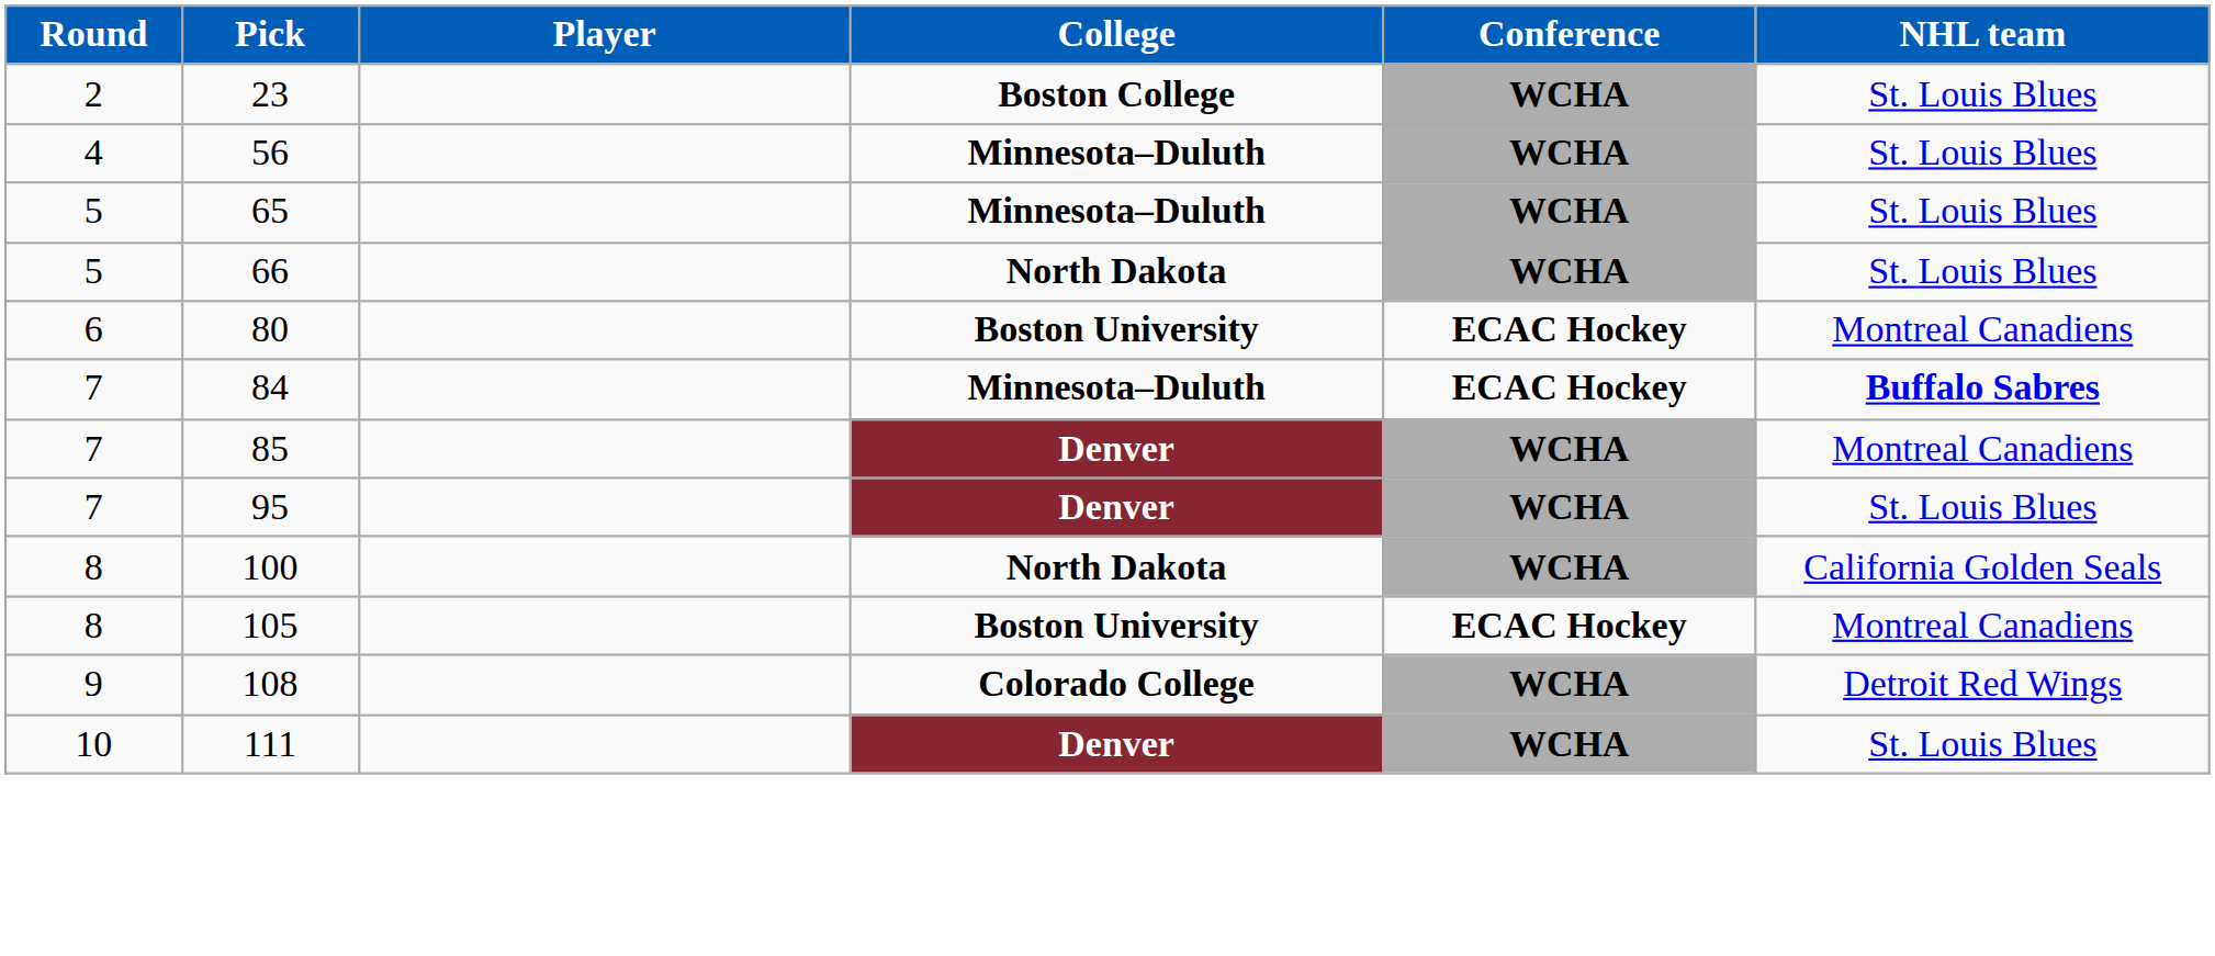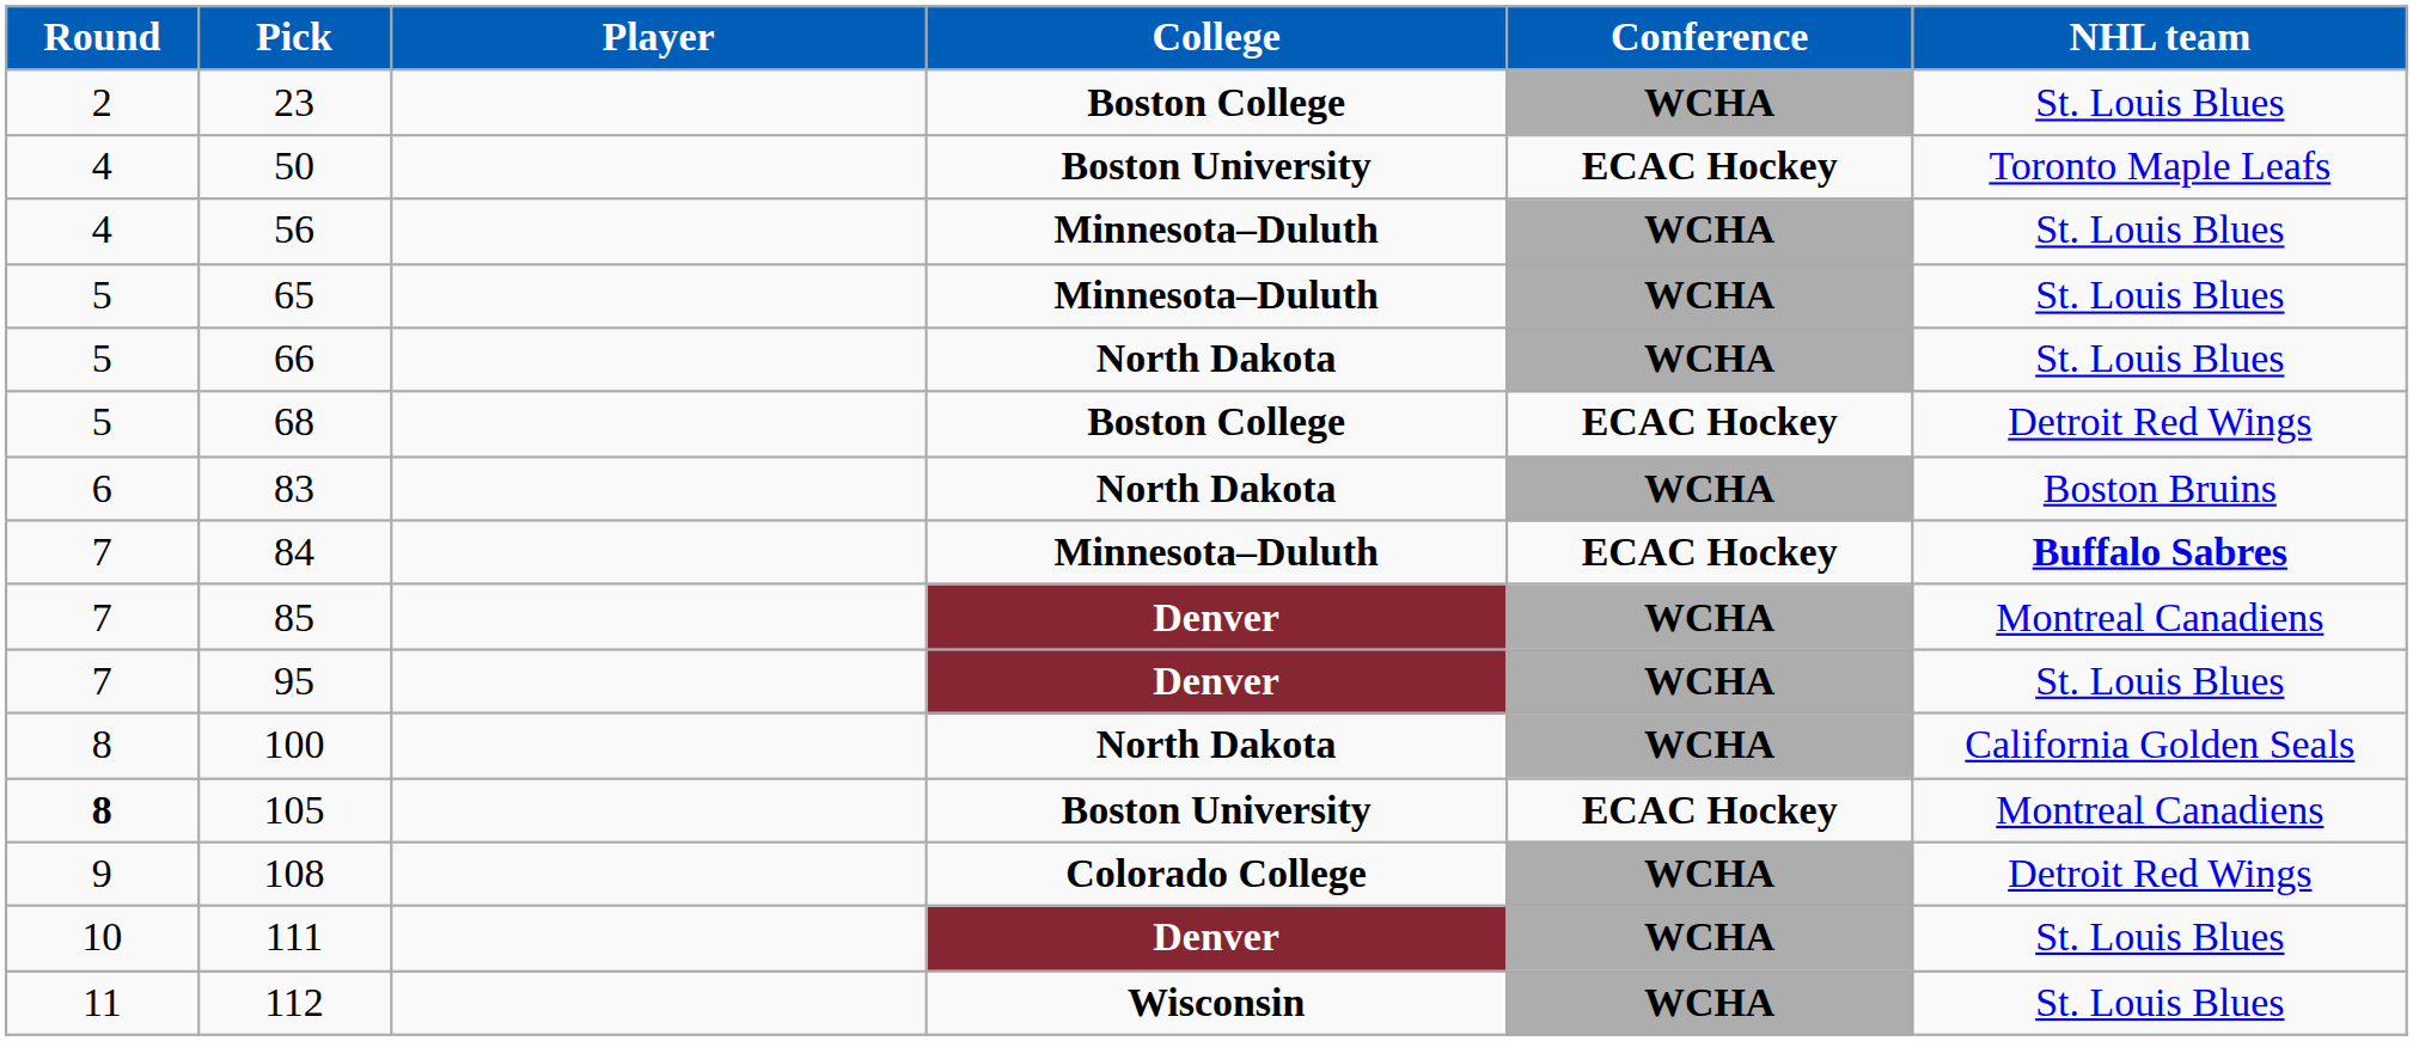 <table class="wikitable sortable" width="75%">
 <tr>
 <th style="color:white; background-color:#005EB8; width: 4em;">Round</th>
 <th style="color:white; background-color:#005EB8; width: 4em;">Pick</th>
 <th style="color:white; background-color:#005EB8; width: 12em;">Player</th>
 <th style="color:white; background-color:#005EB8; width: 13em;">College</th>
 <th style="color:white; background-color:#005EB8; width: 9em;">Conference</th>
 <th style="color:white; background-color:#005EB8; width: 11em;">NHL team</th>
 </tr>
 <tr align="center" bgcolor="">
 <td>2</td>
 <td>23</td>
 <td></td>
 <td><strong>Boston College</strong></td>
 <td style="color:black; background:#ADADAD; "><strong>WCHA</strong></td>
 <td><a href='#'>St. Louis Blues</a></td>
+</tr>
+<tr align="center" bgcolor="">
+<td>4</td>
+<td>50</td>
+<td></td>
+<td><strong>Boston University</strong></td>
+<td><strong>ECAC Hockey</strong></td>
+<td><a href='#'>Toronto Maple Leafs</a></td>
 </tr>
 <tr align="center" bgcolor="">
 <td>4</td>
 <td>56</td>
 <td></td>
 <td><strong>Minnesota–Duluth</strong></td>
 <td style="color:black; background:#ADADAD; "><strong>WCHA</strong></td>
 <td><a href='#'>St. Louis Blues</a></td>
 </tr>
 <tr align="center" bgcolor="">
 <td>5</td>
 <td>65</td>
 <td></td>
 <td><strong>Minnesota–Duluth</strong></td>
 <td style="color:black; background:#ADADAD; "><strong>WCHA</strong></td>
 <td><a href='#'>St. Louis Blues</a></td>
 </tr>
 <tr align="center" bgcolor="">
 <td>5</td>
 <td>66</td>
 <td></td>
 <td><strong>North Dakota</strong></td>
 <td style="color:black; background:#ADADAD; "><strong>WCHA</strong></td>
 <td><a href='#'>St. Louis Blues</a></td>
 </tr>
 <tr align="center" bgcolor="">
+<td>5</td>
+<td>68</td>
+<td></td>
+<td><strong>Boston College</strong></td>
+<td><strong>ECAC Hockey</strong></td>
+<td><a href='#'>Detroit Red Wings</a></td>
+</tr>
+<tr align="center" bgcolor="">
 <td>6</td>
-<td>80</td>
+<td>83</td>
 <td></td>
-<td><strong>Boston University</strong></td>
-<td><strong>ECAC Hockey</strong></td>
-<td><a href='#'>Montreal Canadiens</a></td>
+<td><strong>North Dakota</strong></td>
+<td style="color:black; background:#ADADAD; "><strong>WCHA</strong></td>
+<td><a href='#'>Boston Bruins</a></td>
 </tr>
 <tr align="center" bgcolor="">
 <td>7</td>
 <td>84</td>
 <td></td>
 <td><strong>Minnesota–Duluth</strong></td>
 <td><strong>ECAC Hockey</strong></td>
 <td><strong><a href='#'>Buffalo Sabres</a></strong></td>
 </tr>
 <tr align="center" bgcolor="">
 <td>7</td>
 <td>85</td>
 <td></td>
 <td style="color:white; background:#862633; "><strong>Denver</strong></td>
 <td style="color:black; background:#ADADAD; "><strong>WCHA</strong></td>
 <td><a href='#'>Montreal Canadiens</a></td>
 </tr>
 <tr align="center" bgcolor="">
 <td>7</td>
 <td>95</td>
 <td></td>
 <td style="color:white; background:#862633; "><strong>Denver</strong></td>
 <td style="color:black; background:#ADADAD; "><strong>WCHA</strong></td>
 <td><a href='#'>St. Louis Blues</a></td>
 </tr>
 <tr align="center" bgcolor="">
 <td>8</td>
 <td>100</td>
 <td></td>
 <td><strong>North Dakota</strong></td>
 <td style="color:black; background:#ADADAD; "><strong>WCHA</strong></td>
 <td><a href='#'>California Golden Seals</a></td>
 </tr>
 <tr align="center" bgcolor="">
-<td>8</td>
+<td><strong>8</strong></td>
 <td>105</td>
 <td></td>
 <td><strong>Boston University</strong></td>
 <td><strong>ECAC Hockey</strong></td>
 <td><a href='#'>Montreal Canadiens</a></td>
 </tr>
 <tr align="center" bgcolor="">
 <td>9</td>
 <td>108</td>
 <td></td>
 <td><strong>Colorado College</strong></td>
 <td style="color:black; background:#ADADAD; "><strong>WCHA</strong></td>
 <td><a href='#'>Detroit Red Wings</a></td>
 </tr>
 <tr align="center" bgcolor="">
 <td>10</td>
 <td>111</td>
 <td></td>
 <td style="color:white; background:#862633; "><strong>Denver</strong></td>
 <td style="color:black; background:#ADADAD; "><strong>WCHA</strong></td>
 <td><a href='#'>St. Louis Blues</a></td>
 </tr>
+<tr align="center" bgcolor="">
+<td>11</td>
+<td>112</td>
+<td></td>
+<td><strong>Wisconsin</strong></td>
+<td style="color:black; background:#ADADAD; "><strong>WCHA</strong></td>
+<td><a href='#'>St. Louis Blues</a></td>
+</tr>
 </table>
